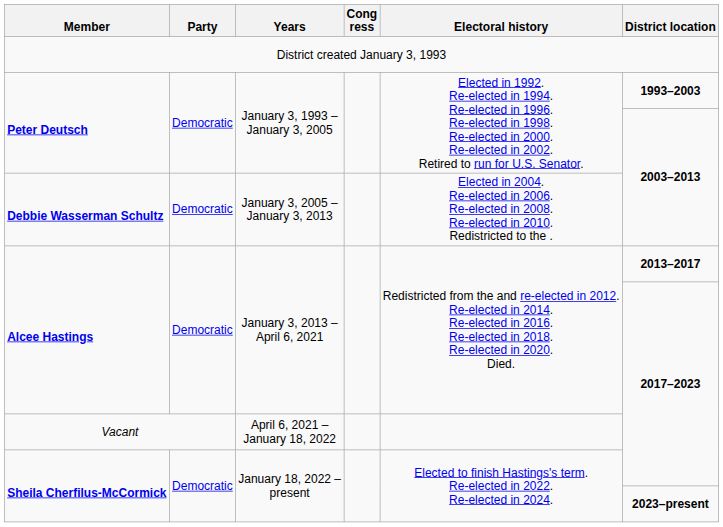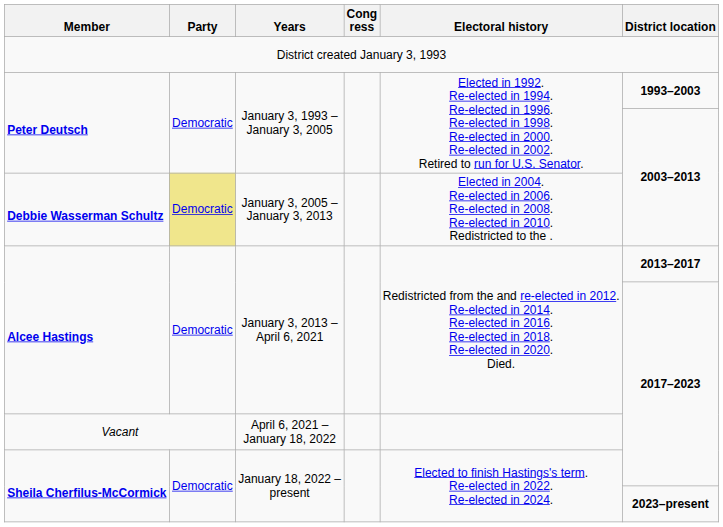 <table class=wikitable style="text-align:center">
 <tr valign=bottom>
 <th>Member</th>
 <th>Party</th>
 <th>Years</th>
 <th>Cong<br>ress</th>
 <th>Electoral history</th>
 <th>District location</th>
 </tr>
 <tr style="height:3em">
 <td colspan=6>District created January 3, 1993</td>
 </tr>
 <tr style="height:3em">
 <td rowspan=2 align=left><br><strong><a href='#'>Peter Deutsch</a></strong><br></td>
 <td rowspan=2 ><a href='#'>Democratic</a></td>
 <td rowspan=2 nowrap>January 3, 1993 –<br>January 3, 2005</td>
 <td rowspan=2></td>
 <td rowspan=2><a href='#'>Elected in 1992</a>.<br><a href='#'>Re-elected in 1994</a>.<br><a href='#'>Re-elected in 1996</a>.<br><a href='#'>Re-elected in 1998</a>.<br><a href='#'>Re-elected in 2000</a>.<br><a href='#'>Re-elected in 2002</a>.<br>Retired to <a href='#'>run for U.S. Senator</a>.</td>
 <td><strong>1993–2003</strong><br></td>
 </tr>
 <tr style="height:3em">
 <td rowspan=2><strong>2003–2013</strong><br></td>
 </tr>
 <tr style="height:3em">
 <td align=left><br><strong><a href='#'>Debbie Wasserman Schultz</a></strong><br></td>
-<td><a href='#'>Democratic</a></td>
+<td style="background: khaki;"><a href='#'>Democratic</a></td>
 <td nowrap>January 3, 2005 –<br>January 3, 2013</td>
 <td></td>
 <td><a href='#'>Elected in 2004</a>.<br><a href='#'>Re-elected in 2006</a>.<br><a href='#'>Re-elected in 2008</a>.<br><a href='#'>Re-elected in 2010</a>.<br>Redistricted to the .</td>
 </tr>
 <tr style="height:3em">
 <td rowspan=2 align=left><br><strong><a href='#'>Alcee Hastings</a></strong><br></td>
 <td rowspan=2 ><a href='#'>Democratic</a></td>
 <td rowspan=2 nowrap>January 3, 2013 –<br>April 6, 2021</td>
 <td rowspan=2></td>
 <td rowspan=2>Redistricted from the  and <a href='#'>re-elected in 2012</a>.<br><a href='#'>Re-elected in 2014</a>.<br><a href='#'>Re-elected in 2016</a>.<br><a href='#'>Re-elected in 2018</a>.<br><a href='#'>Re-elected in 2020</a>.<br>Died.</td>
 <td><strong>2013–2017</strong><br></td>
 </tr>
 <tr style="height:11em">
 <td rowspan=3><strong>2017–2023</strong><br></td>
 </tr>
 <tr style="height:3em">
 <td colspan=2><em>Vacant</em></td>
 <td nowrap>April 6, 2021 –<br>January 18, 2022</td>
 <td></td>
 <td></td>
 </tr>
 <tr style="height:3em">
 <td rowspan=2 align=left><br><strong><a href='#'>Sheila Cherfilus-McCormick</a></strong><br></td>
 <td rowspan=2 ><a href='#'>Democratic</a></td>
 <td rowspan=2 nowrap>January 18, 2022 –<br>present</td>
 <td rowspan=2></td>
 <td rowspan=2><a href='#'>Elected to finish Hastings's term</a>.<br><a href='#'>Re-elected in 2022</a>.<br><a href='#'>Re-elected in 2024</a>.</td>
 </tr>
 <tr style="height:3em">
 <td><strong>2023–present</strong><br></td>
 </tr>
 </table>
